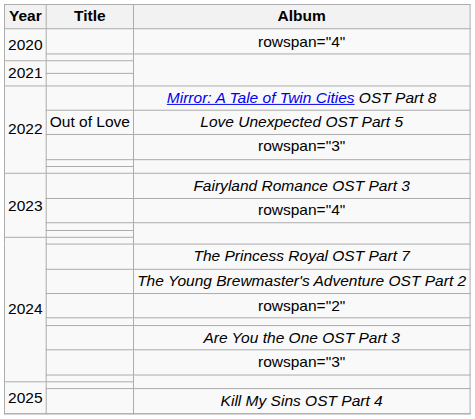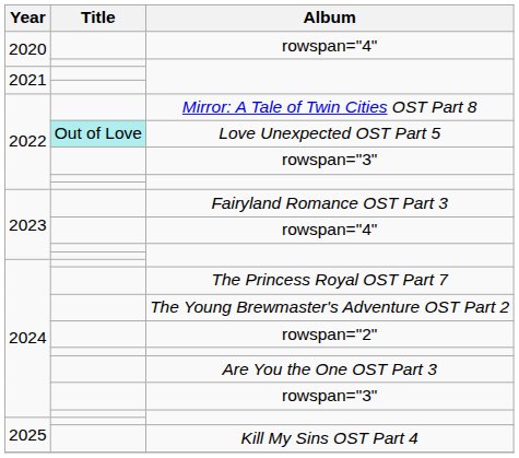 <table class="wikitable" style="text-align:center;">
 <tr>
 <th>Year</th>
 <th>Title</th>
 <th>Album</th>
 </tr>
 <tr>
 <td rowspan="2">2020</td>
 <td></td>
 <td>rowspan="4" </td>
 </tr>
 <tr>
 <td></td>
 </tr>
 <tr>
 <td rowspan="2">2021</td>
 <td></td>
 </tr>
 <tr>
 <td></td>
 </tr>
 <tr>
 <td rowspan="5">2022</td>
 <td></td>
 <td><em><a href='#'>Mirror: A Tale of Twin Cities</a> OST Part 8</em></td>
 </tr>
 <tr>
-<td>Out of Love</td>
+<td style="background: paleturquoise;">Out of Love</td>
 <td><em>Love Unexpected OST Part 5</em></td>
 </tr>
 <tr>
 <td></td>
 <td>rowspan="3" </td>
 </tr>
 <tr>
 <td></td>
 </tr>
 <tr>
 <td></td>
 </tr>
 <tr>
 <td rowspan="4">2023</td>
 <td></td>
 <td><em>Fairyland Romance OST Part 3</em></td>
 </tr>
 <tr>
 <td></td>
 <td>rowspan="4" </td>
 </tr>
 <tr>
 <td></td>
 </tr>
 <tr>
 <td></td>
 </tr>
 <tr>
 <td rowspan="8">2024</td>
 <td></td>
 </tr>
 <tr>
 <td></td>
 <td><em>The Princess Royal OST Part 7</em></td>
 </tr>
 <tr>
 <td></td>
 <td><em>The Young Brewmaster's Adventure OST Part 2</em></td>
 </tr>
 <tr>
 <td></td>
 <td>rowspan="2" </td>
 </tr>
 <tr>
 <td></td>
 </tr>
 <tr>
 <td></td>
 <td><em>Are You the One OST Part 3</em></td>
 </tr>
 <tr>
 <td></td>
 <td>rowspan="3" </td>
 </tr>
 <tr>
 <td></td>
 </tr>
 <tr>
 <td rowspan="2">2025</td>
 <td></td>
 </tr>
 <tr>
 <td></td>
 <td><em>Kill My Sins OST Part 4</em></td>
 </tr>
 <tr>
 </tr>
 </table>
